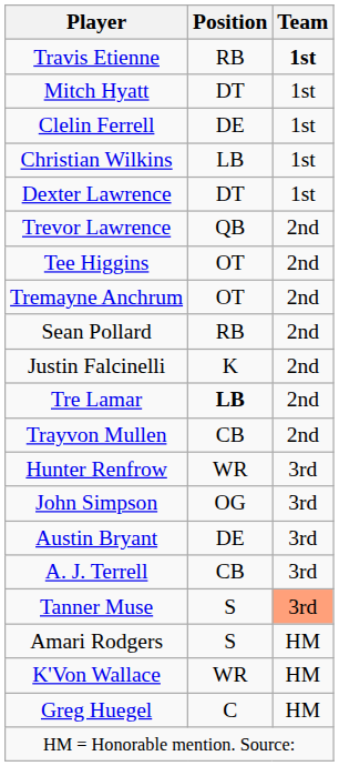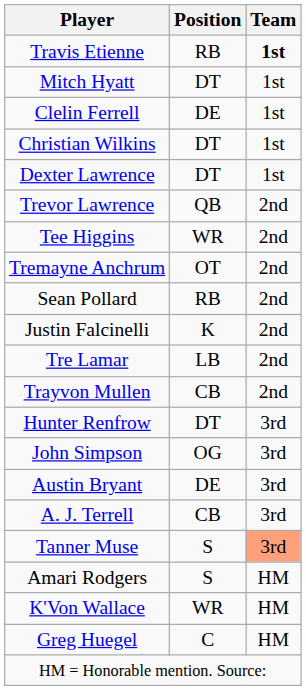 <table class="wikitable" style="text-align: center">
 <tr align=center>
 <th>Player</th>
 <th>Position</th>
 <th>Team</th>
 </tr>
 <tr>
 <td><a href='#'>Travis Etienne</a></td>
 <td>RB</td>
 <td><strong>1st</strong></td>
 </tr>
 <tr>
 <td><a href='#'>Mitch Hyatt</a></td>
 <td>DT</td>
 <td>1st</td>
 </tr>
 <tr>
 <td><a href='#'>Clelin Ferrell</a></td>
 <td>DE</td>
 <td>1st</td>
 </tr>
 <tr>
 <td><a href='#'>Christian Wilkins</a></td>
-<td>LB</td>
+<td>DT</td>
 <td>1st</td>
 </tr>
 <tr>
 <td><a href='#'>Dexter Lawrence</a></td>
 <td>DT</td>
 <td>1st</td>
 </tr>
 <tr>
 <td><a href='#'>Trevor Lawrence</a></td>
 <td>QB</td>
 <td>2nd</td>
 </tr>
 <tr>
 <td><a href='#'>Tee Higgins</a></td>
-<td>OT</td>
+<td>WR</td>
 <td>2nd</td>
 </tr>
 <tr>
 <td><a href='#'>Tremayne Anchrum</a></td>
 <td>OT</td>
 <td>2nd</td>
 </tr>
 <tr>
 <td>Sean Pollard</td>
 <td>RB</td>
 <td>2nd</td>
 </tr>
 <tr>
 <td>Justin Falcinelli</td>
 <td>K</td>
 <td>2nd</td>
 </tr>
 <tr>
 <td><a href='#'>Tre Lamar</a></td>
-<td><strong>LB</strong></td>
+<td>LB</td>
 <td>2nd</td>
 </tr>
 <tr>
 <td><a href='#'>Trayvon Mullen</a></td>
 <td>CB</td>
 <td>2nd</td>
 </tr>
 <tr>
 <td><a href='#'>Hunter Renfrow</a></td>
-<td>WR</td>
+<td>DT</td>
 <td>3rd</td>
 </tr>
 <tr>
 <td><a href='#'>John Simpson</a></td>
 <td>OG</td>
 <td>3rd</td>
 </tr>
 <tr>
 <td><a href='#'>Austin Bryant</a></td>
 <td>DE</td>
 <td>3rd</td>
 </tr>
 <tr>
 <td><a href='#'>A. J. Terrell</a></td>
 <td>CB</td>
 <td>3rd</td>
 </tr>
 <tr>
 <td><a href='#'>Tanner Muse</a></td>
 <td>S</td>
 <td style="background: lightsalmon;">3rd</td>
 </tr>
 <tr>
 <td>Amari Rodgers</td>
 <td>S</td>
 <td>HM</td>
 </tr>
 <tr>
 <td><a href='#'>K'Von Wallace</a></td>
 <td>WR</td>
 <td>HM</td>
 </tr>
 <tr>
 <td><a href='#'>Greg Huegel</a></td>
 <td>C</td>
 <td>HM</td>
 </tr>
 <tr>
 <td colspan="3"><small>HM = Honorable mention. Source:</small></td>
 </tr>
 </table>
